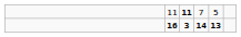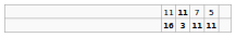 <table class="wikitable">
 <tr>
 <td style="width:18em"></td>
 <td align=center style="width:1em">11</td>
 <td align=center style="width:1em"><strong>11</strong></td>
 <td align=center style="width:1em">7</td>
 <td align=center style="width:1em">5</td>
 <td align=center style="width:1em"></td>
 </tr>
 <tr>
 <td style="width:18em"></td>
 <td align=center style="width:1em"><strong>16</strong></td>
 <td align=center style="width:1em"><strong>3</strong></td>
-<td align=center style="width:1em"><strong>14</strong></td>
-<td align=center style="width:1em"><strong>13</strong></td>
+<td align=center style="width:1em"><strong>11</strong></td>
+<td align=center style="width:1em"><strong>11</strong></td>
 <td align=center style="width:1em"></td>
 </tr>
 </table>
